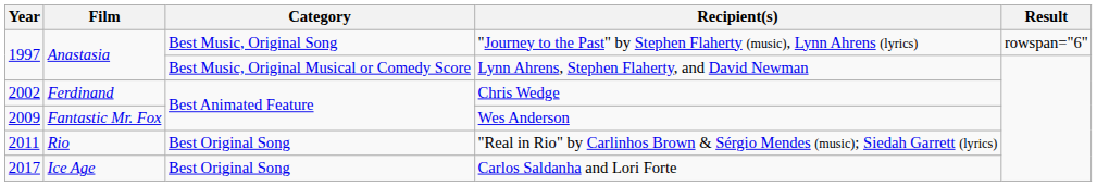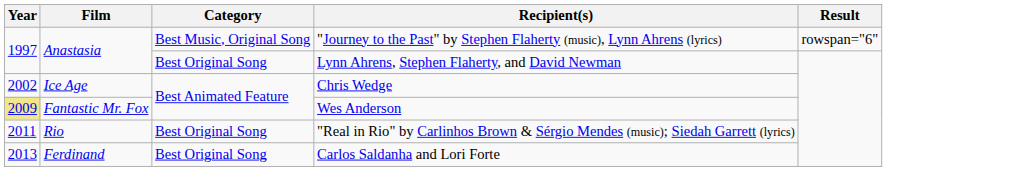 <table class="wikitable sortable">
 <tr>
 <th>Year</th>
 <th>Film</th>
 <th>Category</th>
 <th>Recipient(s)</th>
 <th>Result</th>
 </tr>
 <tr>
 <td rowspan="2"><a href='#'>1997</a></td>
 <td rowspan="2"><em><a href='#'>Anastasia</a></em></td>
 <td><a href='#'>Best Music, Original Song</a></td>
 <td>"<a href='#'>Journey to the Past</a>" by <a href='#'>Stephen Flaherty</a> <small>(music)</small>, <a href='#'>Lynn Ahrens</a> <small>(lyrics)</small></td>
 <td>rowspan="6" </td>
 </tr>
 <tr>
-<td><a href='#'>Best Music, Original Musical or Comedy Score</a></td>
+<td><a href='#'>Best Original Song</a></td>
 <td><a href='#'>Lynn Ahrens</a>, <a href='#'>Stephen Flaherty</a>, and <a href='#'>David Newman</a></td>
 </tr>
 <tr>
 <td><a href='#'>2002</a></td>
-<td><em><a href='#'>Ferdinand</a></em></td>
+<td><em><a href='#'>Ice Age</a></em></td>
 <td rowspan="2"><a href='#'>Best Animated Feature</a></td>
 <td><a href='#'>Chris Wedge</a></td>
 </tr>
 <tr>
-<td><a href='#'>2009</a></td>
+<td style="background: khaki;"><a href='#'>2009</a></td>
 <td><em><a href='#'>Fantastic Mr. Fox</a></em></td>
 <td><a href='#'>Wes Anderson</a></td>
 </tr>
 <tr>
 <td><a href='#'>2011</a></td>
 <td><em><a href='#'>Rio</a></em></td>
 <td><a href='#'>Best Original Song</a></td>
 <td>"Real in Rio" by <a href='#'>Carlinhos Brown</a> & <a href='#'>Sérgio Mendes</a> <small>(music)</small>; <a href='#'>Siedah Garrett</a> <small>(lyrics)</small></td>
 </tr>
 <tr>
-<td><a href='#'>2017</a></td>
-<td><em><a href='#'>Ice Age</a></em></td>
+<td><a href='#'>2013</a></td>
+<td><em><a href='#'>Ferdinand</a></em></td>
 <td><a href='#'>Best Original Song</a></td>
 <td><a href='#'>Carlos Saldanha</a> and Lori Forte</td>
 </tr>
 </table>
